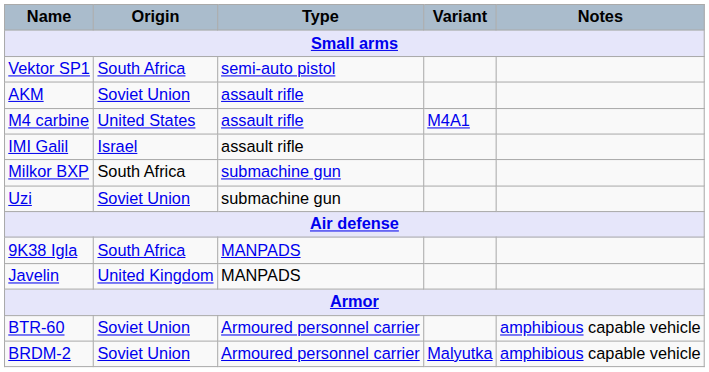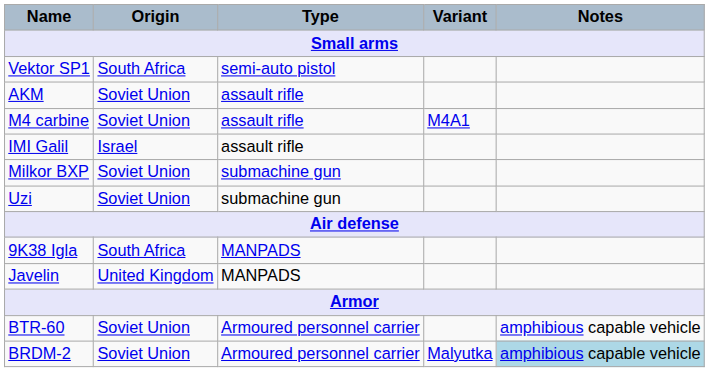 <table class="wikitable">
 <tr>
 <th style="text-align:center; background:#aabccc;">Name</th>
 <th style="text-align: center; background:#aabccc;">Origin</th>
 <th style="text-align:l center; background:#aabccc;">Type</th>
 <th style="text-align:l center; background:#aabccc;">Variant</th>
 <th style="text-align: center; background:#aabccc;">Notes</th>
 </tr>
 <tr>
 <th style="align: center; background: lavender;" colspan="5"><a href='#'>Small arms</a></th>
 </tr>
 <tr>
 <td><a href='#'>Vektor SP1</a></td>
 <td><a href='#'>South Africa</a></td>
 <td><a href='#'>semi-auto pistol</a></td>
 <td></td>
 <td></td>
 </tr>
 <tr>
 <td><a href='#'>AKM</a></td>
 <td><a href='#'>Soviet Union</a></td>
 <td><a href='#'>assault rifle</a></td>
 <td></td>
 <td></td>
 </tr>
 <tr>
 <td><a href='#'>M4 carbine</a></td>
-<td><a href='#'>United States</a></td>
+<td><a href='#'>Soviet Union</a></td>
 <td><a href='#'>assault rifle</a></td>
 <td><a href='#'>M4A1</a></td>
 <td></td>
 </tr>
 <tr>
 <td><a href='#'>IMI Galil</a></td>
 <td><a href='#'>Israel</a></td>
 <td>assault rifle</td>
 <td></td>
 <td></td>
 </tr>
 <tr>
 <td><a href='#'>Milkor BXP</a></td>
-<td>South Africa</td>
+<td><a href='#'>Soviet Union</a></td>
 <td><a href='#'>submachine gun</a></td>
 <td></td>
 <td></td>
 </tr>
 <tr>
 <td><a href='#'>Uzi</a></td>
 <td><a href='#'>Soviet Union</a></td>
 <td>submachine gun</td>
 <td></td>
 <td></td>
 </tr>
 <tr>
 <th style="align: center; background: lavender;" colspan="5"><a href='#'>Air defense</a></th>
 </tr>
 <tr>
 <td><a href='#'>9K38 Igla</a></td>
 <td><a href='#'>South Africa</a></td>
 <td><a href='#'>MANPADS</a></td>
 <td></td>
 <td></td>
 </tr>
 <tr>
 <td><a href='#'>Javelin</a></td>
 <td><a href='#'>United Kingdom</a></td>
 <td>MANPADS</td>
 <td></td>
 <td></td>
 </tr>
 <tr>
 <th style="align: center; background: lavender;" colspan="5"><a href='#'>Armor</a></th>
 </tr>
 <tr>
 <td><a href='#'>BTR-60</a></td>
 <td><a href='#'>Soviet Union</a></td>
 <td><a href='#'>Armoured personnel carrier</a></td>
 <td></td>
 <td><a href='#'>amphibious</a> capable vehicle</td>
 </tr>
 <tr>
 <td><a href='#'>BRDM-2</a></td>
 <td><a href='#'>Soviet Union</a></td>
 <td><a href='#'>Armoured personnel carrier</a></td>
 <td><a href='#'>Malyutka</a></td>
-<td><a href='#'>amphibious</a> capable vehicle</td>
+<td style="background: lightblue;"><a href='#'>amphibious</a> capable vehicle</td>
 </tr>
 </table>
